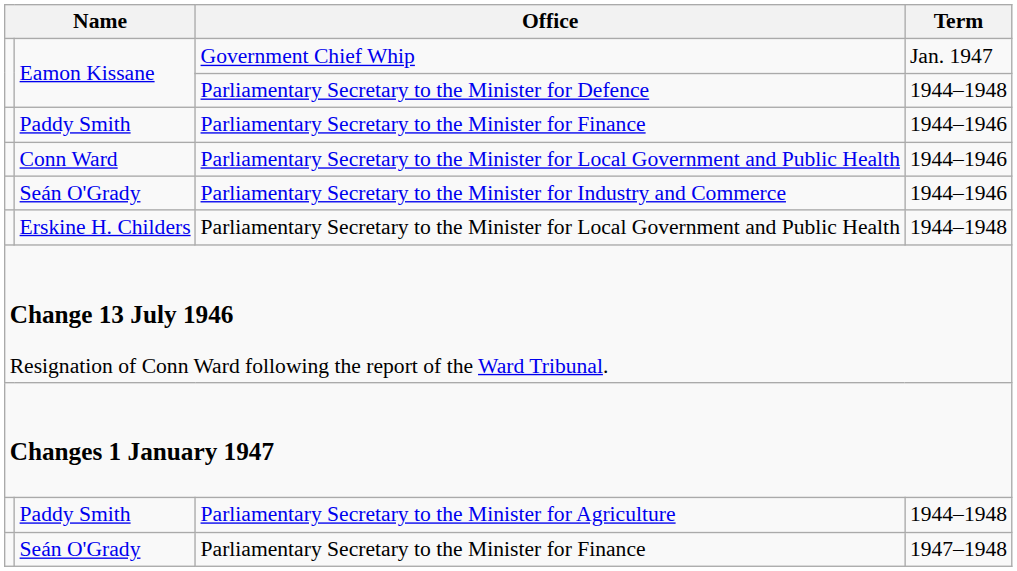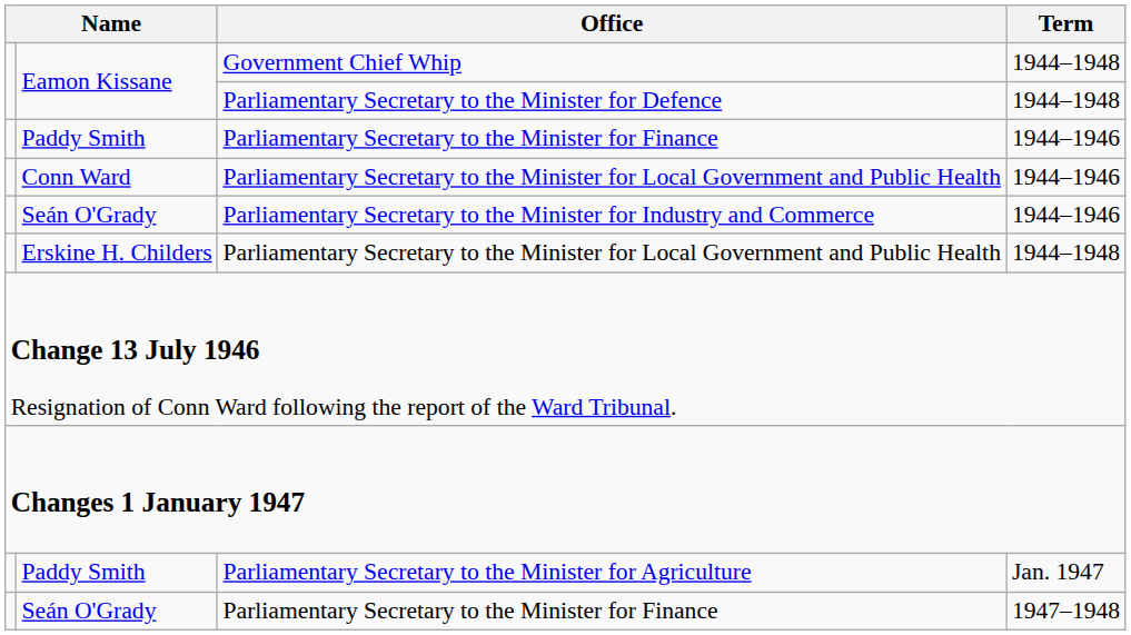 <table class="wikitable">
 <tr>
 <th colspan="2">Name</th>
 <th>Office</th>
 <th>Term</th>
 </tr>
 <tr>
 <td rowspan="2" style="background-color: "></td>
 <td rowspan="2"><a href='#'>Eamon Kissane</a></td>
 <td><a href='#'>Government Chief Whip</a></td>
-<td>Jan. 1947</td>
+<td>1944–1948</td>
 </tr>
 <tr>
 <td><a href='#'>Parliamentary Secretary to the Minister for Defence</a></td>
 <td>1944–1948</td>
 </tr>
 <tr>
 <td style="background-color: "></td>
 <td><a href='#'>Paddy Smith</a></td>
 <td><a href='#'>Parliamentary Secretary to the Minister for Finance</a></td>
 <td>1944–1946</td>
 </tr>
 <tr>
 <td style="background-color: "></td>
 <td><a href='#'>Conn Ward</a></td>
 <td><a href='#'>Parliamentary Secretary to the Minister for Local Government and Public Health</a></td>
 <td>1944–1946</td>
 </tr>
 <tr>
 <td style="background-color: "></td>
 <td><a href='#'>Seán O'Grady</a></td>
 <td><a href='#'>Parliamentary Secretary to the Minister for Industry and Commerce</a></td>
 <td>1944–1946</td>
 </tr>
 <tr>
 <td style="background-color: "></td>
 <td><a href='#'>Erskine H. Childers</a></td>
 <td>Parliamentary Secretary to the Minister for Local Government and Public Health</td>
 <td>1944–1948</td>
 </tr>
 <tr>
 <td colspan=4><br><h3>Change 13 July 1946</h3>Resignation of Conn Ward following the report of the <a href='#'>Ward Tribunal</a>.</td>
 </tr>
 <tr>
 <td colspan=4><br><h3>Changes 1 January 1947</h3></td>
 </tr>
 <tr>
 <td style="background-color: "></td>
 <td><a href='#'>Paddy Smith</a></td>
 <td><a href='#'>Parliamentary Secretary to the Minister for Agriculture</a></td>
-<td>1944–1948</td>
+<td>Jan. 1947</td>
 </tr>
 <tr>
 <td style="background-color: "></td>
 <td><a href='#'>Seán O'Grady</a></td>
 <td>Parliamentary Secretary to the Minister for Finance</td>
 <td>1947–1948</td>
 </tr>
 </table>
